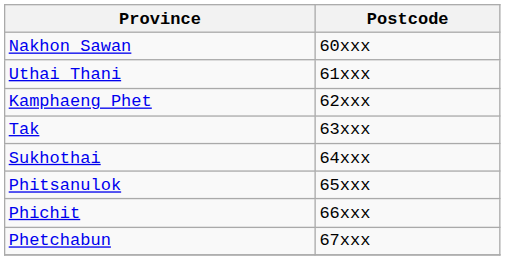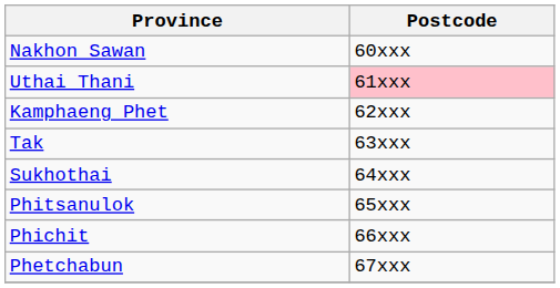 <table class="wikitable" style="width:30%; display:inline-table;">
 <tr>
 <th>Province</th>
 <th>Postcode</th>
 </tr>
 <tr>
 <td><a href='#'>Nakhon Sawan</a></td>
 <td>60xxx</td>
 </tr>
 <tr>
 <td><a href='#'>Uthai Thani</a></td>
-<td>61xxx</td>
+<td style="background: pink;">61xxx</td>
 </tr>
 <tr>
 <td><a href='#'>Kamphaeng Phet</a></td>
 <td>62xxx</td>
 </tr>
 <tr>
 <td><a href='#'>Tak</a></td>
 <td>63xxx</td>
 </tr>
 <tr>
 <td><a href='#'>Sukhothai</a></td>
 <td>64xxx</td>
 </tr>
 <tr>
 <td><a href='#'>Phitsanulok</a></td>
 <td>65xxx</td>
 </tr>
 <tr>
 <td><a href='#'>Phichit</a></td>
 <td>66xxx</td>
 </tr>
 <tr>
 <td><a href='#'>Phetchabun</a></td>
 <td>67xxx</td>
 </tr>
 <tr>
 </tr>
 </table>
